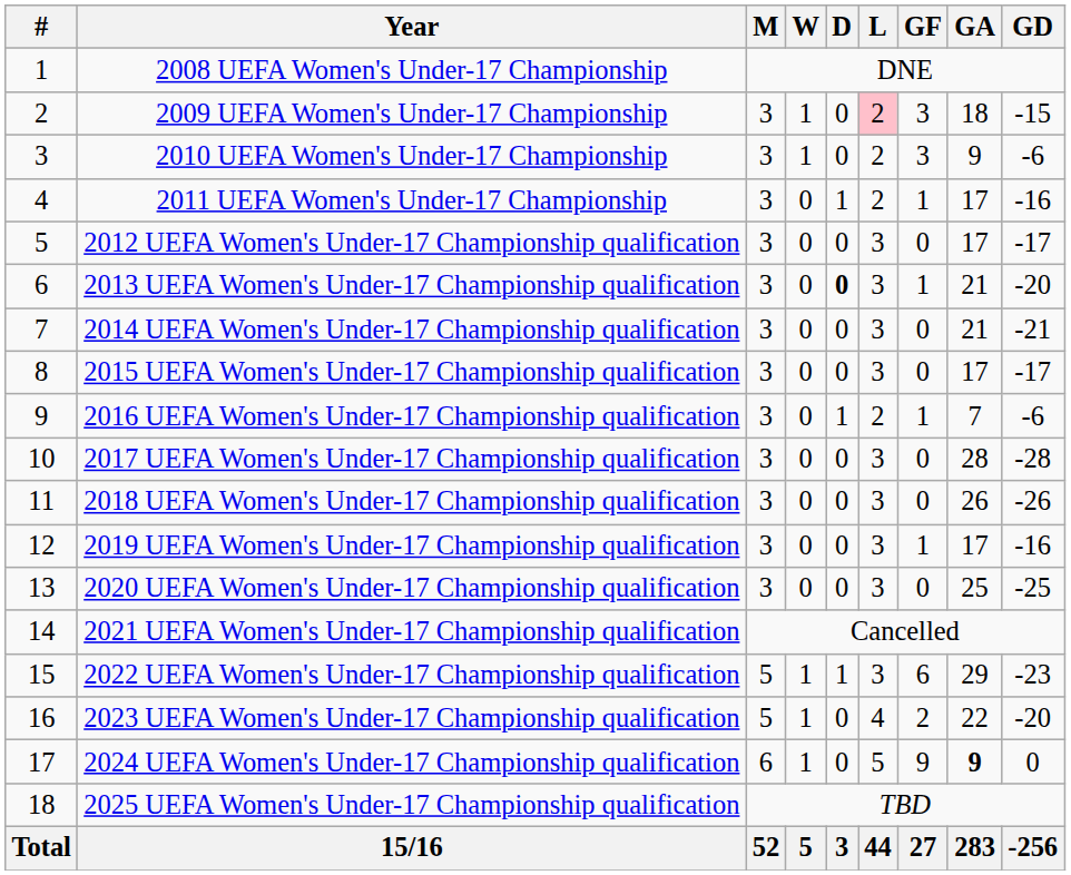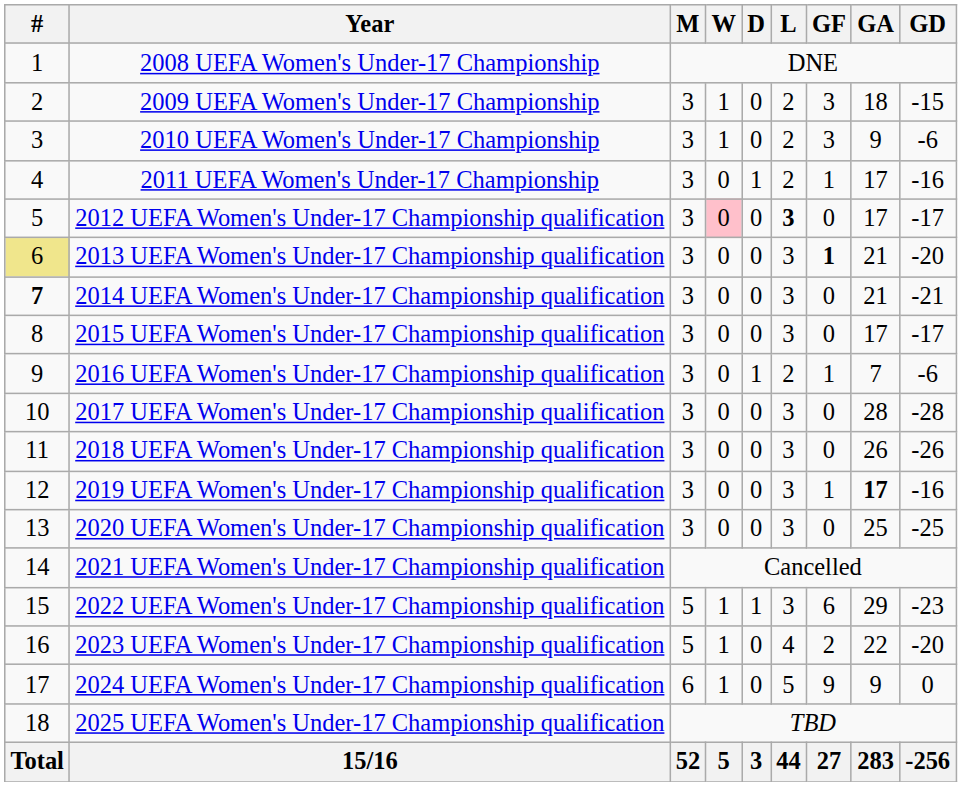 <table class="wikitable sortable" style="text-align:center">
 <tr>
 <th>#</th>
 <th>Year</th>
 <th>M</th>
 <th>W</th>
 <th>D</th>
 <th>L</th>
 <th>GF</th>
 <th>GA</th>
 <th>GD</th>
 </tr>
 <tr>
 <td>1</td>
 <td><a href='#'>2008 UEFA Women's Under-17 Championship</a></td>
 <td colspan=7>DNE</td>
 </tr>
 <tr>
 <td>2</td>
 <td><a href='#'>2009 UEFA Women's Under-17 Championship</a></td>
 <td>3</td>
 <td>1</td>
 <td>0</td>
-<td style="background: pink;">2</td>
+<td>2</td>
 <td>3</td>
 <td>18</td>
 <td>-15</td>
 </tr>
 <tr>
 <td>3</td>
 <td><a href='#'>2010 UEFA Women's Under-17 Championship</a></td>
 <td>3</td>
 <td>1</td>
 <td>0</td>
 <td>2</td>
 <td>3</td>
 <td>9</td>
 <td>-6</td>
 </tr>
 <tr>
 <td>4</td>
 <td><a href='#'>2011 UEFA Women's Under-17 Championship</a></td>
 <td>3</td>
 <td>0</td>
 <td>1</td>
 <td>2</td>
 <td>1</td>
 <td>17</td>
 <td>-16</td>
 </tr>
 <tr>
 <td>5</td>
 <td><a href='#'>2012 UEFA Women's Under-17 Championship qualification</a></td>
 <td>3</td>
+<td style="background: pink;">0</td>
 <td>0</td>
-<td>0</td>
-<td>3</td>
+<td><strong>3</strong></td>
 <td>0</td>
 <td>17</td>
 <td>-17</td>
 </tr>
 <tr>
-<td>6</td>
+<td style="background: khaki;">6</td>
 <td><a href='#'>2013 UEFA Women's Under-17 Championship qualification</a></td>
 <td>3</td>
 <td>0</td>
-<td><strong>0</strong></td>
+<td>0</td>
 <td>3</td>
-<td>1</td>
+<td><strong>1</strong></td>
 <td>21</td>
 <td>-20</td>
 </tr>
 <tr>
-<td>7</td>
+<td><strong>7</strong></td>
 <td><a href='#'>2014 UEFA Women's Under-17 Championship qualification</a></td>
 <td>3</td>
 <td>0</td>
 <td>0</td>
 <td>3</td>
 <td>0</td>
 <td>21</td>
 <td>-21</td>
 </tr>
 <tr>
 <td>8</td>
 <td><a href='#'>2015 UEFA Women's Under-17 Championship qualification</a></td>
 <td>3</td>
 <td>0</td>
 <td>0</td>
 <td>3</td>
 <td>0</td>
 <td>17</td>
 <td>-17</td>
 </tr>
 <tr>
 <td>9</td>
 <td><a href='#'>2016 UEFA Women's Under-17 Championship qualification</a></td>
 <td>3</td>
 <td>0</td>
 <td>1</td>
 <td>2</td>
 <td>1</td>
 <td>7</td>
 <td>-6</td>
 </tr>
 <tr>
 <td>10</td>
 <td><a href='#'>2017 UEFA Women's Under-17 Championship qualification</a></td>
 <td>3</td>
 <td>0</td>
 <td>0</td>
 <td>3</td>
 <td>0</td>
 <td>28</td>
 <td>-28</td>
 </tr>
 <tr>
 <td>11</td>
 <td><a href='#'>2018 UEFA Women's Under-17 Championship qualification</a></td>
 <td>3</td>
 <td>0</td>
 <td>0</td>
 <td>3</td>
 <td>0</td>
 <td>26</td>
 <td>-26</td>
 </tr>
 <tr>
 <td>12</td>
 <td><a href='#'>2019 UEFA Women's Under-17 Championship qualification</a></td>
 <td>3</td>
 <td>0</td>
 <td>0</td>
 <td>3</td>
 <td>1</td>
-<td>17</td>
+<td><strong>17</strong></td>
 <td>-16</td>
 </tr>
 <tr>
 <td>13</td>
 <td><a href='#'>2020 UEFA Women's Under-17 Championship qualification</a></td>
 <td>3</td>
 <td>0</td>
 <td>0</td>
 <td>3</td>
 <td>0</td>
 <td>25</td>
 <td>-25</td>
 </tr>
 <tr>
 <td>14</td>
 <td><a href='#'>2021 UEFA Women's Under-17 Championship qualification</a></td>
 <td colspan=7>Cancelled</td>
 </tr>
 <tr>
 <td>15</td>
 <td><a href='#'>2022 UEFA Women's Under-17 Championship qualification</a></td>
 <td>5</td>
 <td>1</td>
 <td>1</td>
 <td>3</td>
 <td>6</td>
 <td>29</td>
 <td>-23</td>
 </tr>
 <tr>
 <td>16</td>
 <td><a href='#'>2023 UEFA Women's Under-17 Championship qualification</a></td>
 <td>5</td>
 <td>1</td>
 <td>0</td>
 <td>4</td>
 <td>2</td>
 <td>22</td>
 <td>-20</td>
 </tr>
 <tr>
 <td>17</td>
 <td><a href='#'>2024 UEFA Women's Under-17 Championship qualification</a></td>
 <td>6</td>
 <td>1</td>
 <td>0</td>
 <td>5</td>
 <td>9</td>
-<td><strong>9</strong></td>
+<td>9</td>
 <td>0</td>
 </tr>
 <tr>
 <td>18</td>
 <td><a href='#'>2025 UEFA Women's Under-17 Championship qualification</a></td>
 <td colspan=7><em>TBD</em></td>
 </tr>
 <tr>
 <th><strong>Total</strong></th>
 <th>15/16</th>
 <th>52</th>
 <th>5</th>
 <th>3</th>
 <th>44</th>
 <th>27</th>
 <th>283</th>
 <th>-256</th>
 </tr>
 </table>
